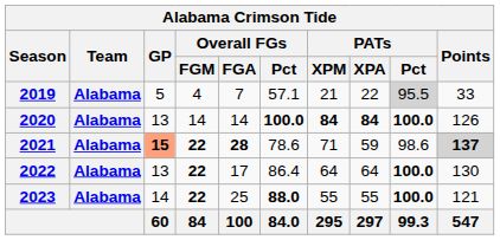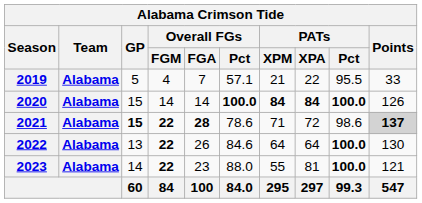 <table class="wikitable" style="text-align:center;">
 <tr>
 <th colspan="16">Alabama Crimson Tide</th>
 </tr>
 <tr>
 <th rowspan="2">Season</th>
 <th rowspan="2">Team</th>
 <th rowspan="2">GP</th>
 <th colspan="3">Overall FGs</th>
 <th colspan="3">PATs</th>
 <th rowspan="2">Points</th>
 </tr>
 <tr>
 <th>FGM</th>
 <th>FGA</th>
 <th>Pct</th>
 <th>XPM</th>
 <th>XPA</th>
 <th>Pct</th>
 </tr>
 <tr>
 <th><a href='#'>2019</a></th>
 <th><a href='#'>Alabama</a></th>
 <td>5</td>
 <td>4</td>
 <td>7</td>
 <td>57.1</td>
 <td>21</td>
 <td>22</td>
-<td style="background: lightgrey;">95.5</td>
+<td>95.5</td>
 <td>33</td>
 </tr>
 <tr>
 <th><a href='#'>2020</a></th>
 <th><a href='#'>Alabama</a></th>
-<td>13</td>
+<td>15</td>
 <td>14</td>
 <td>14</td>
 <td><strong>100.0</strong></td>
 <td><strong>84</strong></td>
 <td><strong>84</strong></td>
 <td><strong>100.0</strong></td>
 <td>126</td>
 </tr>
 <tr>
 <th><a href='#'>2021</a></th>
 <th><a href='#'>Alabama</a></th>
-<td style="background: lightsalmon;"><strong>15</strong></td>
+<td><strong>15</strong></td>
 <td><strong>22</strong></td>
 <td><strong>28</strong></td>
 <td>78.6</td>
 <td>71</td>
-<td>59</td>
+<td>72</td>
 <td>98.6</td>
 <td style="background: lightgrey;"><strong>137</strong></td>
 </tr>
 <tr>
 <th><a href='#'>2022</a></th>
 <th><a href='#'>Alabama</a></th>
 <td>13</td>
 <td><strong>22</strong></td>
-<td>17</td>
-<td>86.4</td>
+<td>26</td>
+<td>84.6</td>
 <td>64</td>
 <td>64</td>
 <td><strong>100.0</strong></td>
 <td>130</td>
 </tr>
 <tr>
 <th><a href='#'>2023</a></th>
 <th><a href='#'>Alabama</a></th>
 <td>14</td>
 <td><strong>22</strong></td>
-<td>25</td>
-<td><strong>88.0</strong></td>
+<td>23</td>
+<td>88.0</td>
 <td>55</td>
-<td>55</td>
+<td>81</td>
 <td><strong>100.0</strong></td>
 <td>121</td>
 </tr>
 <tr>
 <th colspan="2"></th>
 <th>60</th>
 <th>84</th>
 <th>100</th>
 <th>84.0</th>
 <th>295</th>
 <th>297</th>
 <th>99.3</th>
 <th>547</th>
 </tr>
 </table>
